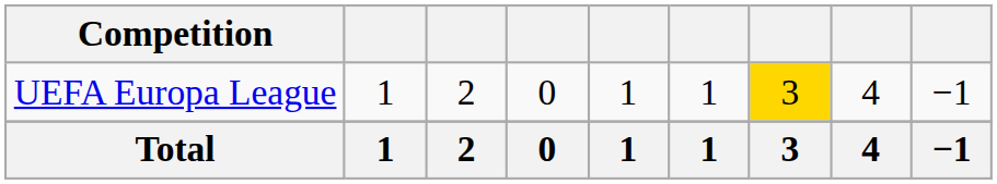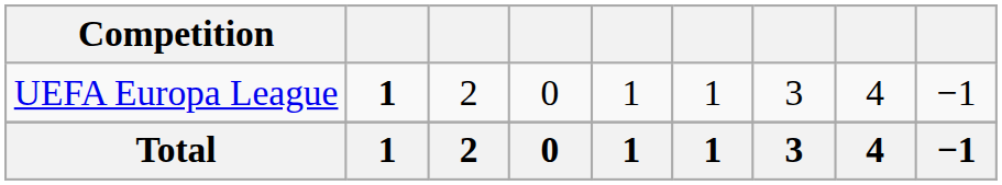 <table class="wikitable" style="text-align:center">
 <tr>
 <th>Competition</th>
 <th style="width:28px"></th>
 <th style="width:28px"></th>
 <th style="width:28px"></th>
 <th style="width:28px"></th>
 <th style="width:28px"></th>
 <th style="width:28px"></th>
 <th style="width:28px"></th>
 <th style="width:28px"></th>
 </tr>
 <tr>
 <td align=left><a href='#'>UEFA Europa League</a></td>
-<td>1</td>
+<td><strong>1</strong></td>
 <td>2</td>
 <td>0</td>
 <td>1</td>
 <td>1</td>
-<td style="background: gold;">3</td>
+<td>3</td>
 <td>4</td>
 <td>−1</td>
 </tr>
 <tr>
 </tr>
 <tr class="sortbottom">
 <th>Total</th>
 <th>1</th>
 <th>2</th>
 <th>0</th>
 <th>1</th>
 <th>1</th>
 <th>3</th>
 <th>4</th>
 <th>−1</th>
 </tr>
 </table>
